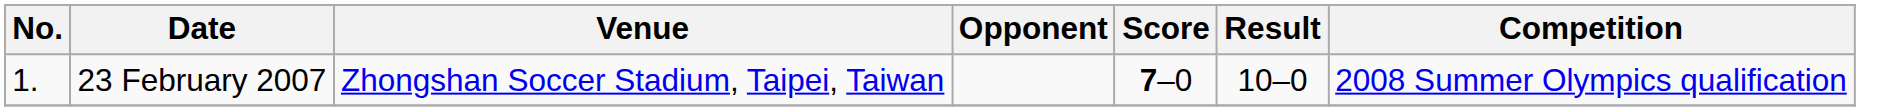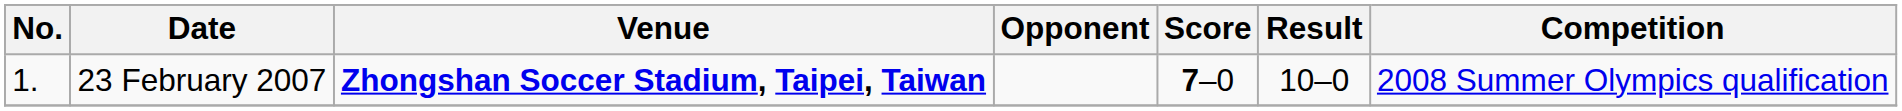 <table class="wikitable">
 <tr>
 <th>No.</th>
 <th>Date</th>
 <th>Venue</th>
 <th>Opponent</th>
 <th>Score</th>
 <th>Result</th>
 <th>Competition</th>
 </tr>
 <tr>
 <td>1.</td>
 <td>23 February 2007</td>
-<td><a href='#'>Zhongshan Soccer Stadium</a>, <a href='#'>Taipei</a>, <a href='#'>Taiwan</a></td>
+<td><strong><a href='#'>Zhongshan Soccer Stadium</a>, <a href='#'>Taipei</a>, <a href='#'>Taiwan</a></strong></td>
 <td></td>
 <td align=center><strong>7</strong>–0</td>
 <td align=center>10–0</td>
 <td><a href='#'>2008 Summer Olympics qualification</a></td>
 </tr>
 <tr>
 </tr>
 </table>
